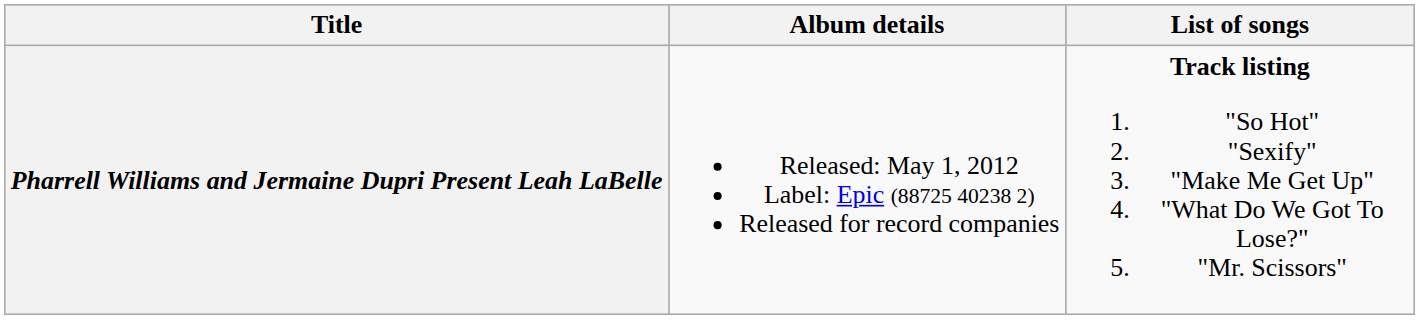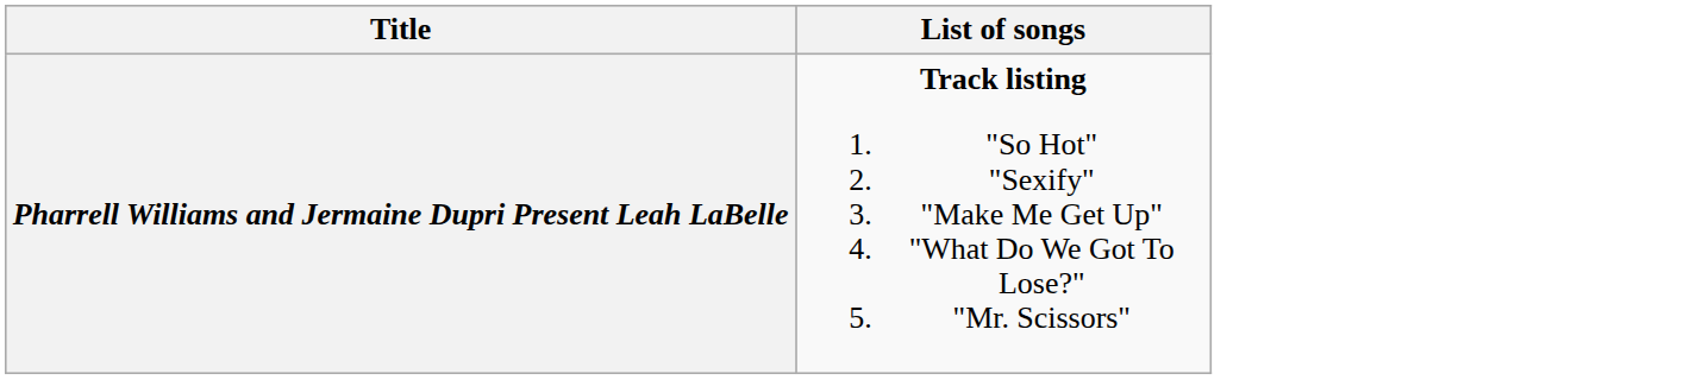 <table class="wikitable plainrowheaders" style="text-align:center;">
 <tr>
 <th scope="col">Title</th>
-<th scope="col">Album details</th>
 <th scope="col" class="unsortable" style="width:13em;">List of songs</th>
 </tr>
 <tr>
 <th scope="row"><em>Pharrell Williams and Jermaine Dupri Present Leah LaBelle</em></th>
-<td><br><ul><li>Released: May 1, 2012</li><li>Label: <a href='#'>Epic</a> <small>(88725 40238 2)</small></li><li>Released for record companies</li></ul></td>
 <td><strong>Track listing</strong><br><ol><li>"So Hot"</li><li>"Sexify"</li><li>"Make Me Get Up"</li><li>"What Do We Got To Lose?"</li><li>"Mr. Scissors"</li></ol></td>
 </tr>
 </table>
